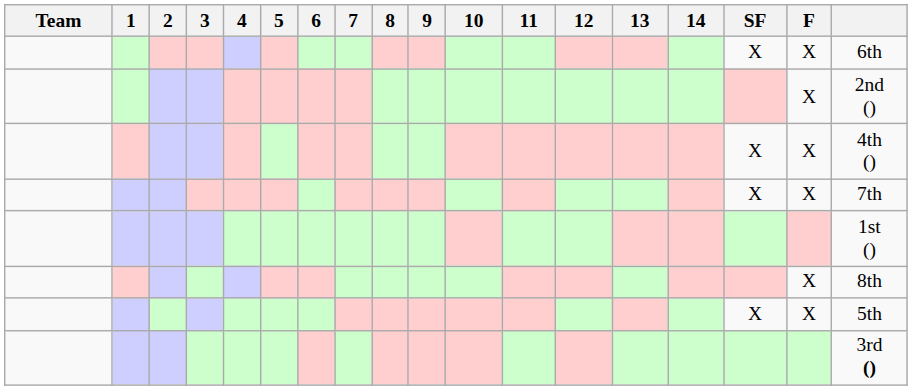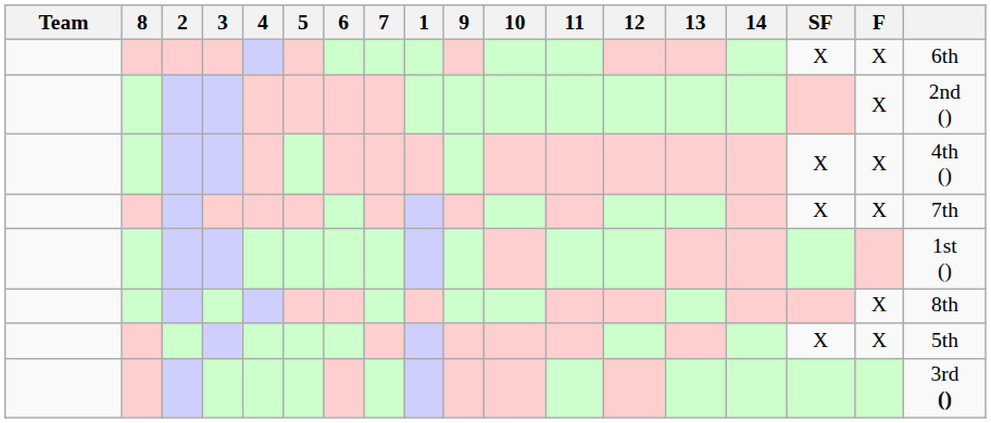 <table class= "wikitable" style="font-size:85%; text-align:center; width:50%">
 <tr>
 <th>Team</th>
-<th>1</th>
+<th>8</th>
 <th>2</th>
 <th>3</th>
 <th>4</th>
 <th>5</th>
 <th>6</th>
 <th>7</th>
-<th>8</th>
+<th>1</th>
 <th>9</th>
 <th>10</th>
 <th>11</th>
 <th>12</th>
 <th>13</th>
 <th>14</th>
 <th>SF</th>
 <th>F</th>
 <th></th>
 </tr>
 <tr>
 <td align="left"></td>
-<td style="background:#cfc;"><strong></strong></td>
+<td style="background:#FFCFCF;"></td>
 <td style="background:#FFCFCF;"></td>
 <td style="background:#FFCFCF;"></td>
 <td style="background:#CFCFFF;"><em></em></td>
 <td style="background:#FFCFCF;"></td>
 <td style="background:#cfc;"><strong></strong></td>
 <td style="background:#cfc;"><strong></strong></td>
-<td style="background:#FFCFCF;"></td>
+<td style="background:#cfc;"><strong></strong></td>
 <td style="background:#FFCFCF;"></td>
 <td style="background:#cfc;"><strong></strong></td>
 <td style="background:#cfc;"><strong></strong></td>
 <td style="background:#FFCFCF;"></td>
 <td style="background:#FFCFCF;"></td>
 <td style="background:#cfc;"><strong></strong></td>
 <td>X</td>
 <td>X</td>
 <td>6th</td>
 </tr>
 <tr>
 <td align="left"></td>
 <td style="background:#cfc;"><strong></strong></td>
 <td style="background:#CFCFFF;"><em></em></td>
 <td style="background:#CFCFFF;"><em></em></td>
 <td style="background:#FFCFCF;"></td>
 <td style="background:#FFCFCF;"></td>
 <td style="background:#FFCFCF;"></td>
 <td style="background:#FFCFCF;"></td>
 <td style="background:#cfc;"><strong></strong></td>
 <td style="background:#cfc;"><strong></strong></td>
 <td style="background:#cfc;"><strong></strong></td>
 <td style="background:#cfc;"><strong></strong></td>
 <td style="background:#cfc;"><strong></strong></td>
 <td style="background:#cfc;"><strong></strong></td>
 <td style="background:#cfc;"><strong></strong></td>
 <td style="background:#FFCFCF;"></td>
 <td>X</td>
 <td>2nd<br>()</td>
 </tr>
 <tr>
 <td align="left"></td>
-<td style="background:#FFCFCF;"></td>
+<td style="background:#cfc;"><strong></strong></td>
 <td style="background:#CFCFFF;"><em></em></td>
 <td style="background:#CFCFFF;"><em></em></td>
 <td style="background:#FFCFCF;"></td>
 <td style="background:#cfc;"><strong></strong></td>
 <td style="background:#FFCFCF;"></td>
 <td style="background:#FFCFCF;"></td>
-<td style="background:#cfc;"><strong></strong></td>
+<td style="background:#FFCFCF;"></td>
 <td style="background:#cfc;"><strong></strong></td>
 <td style="background:#FFCFCF;"></td>
 <td style="background:#FFCFCF;"></td>
 <td style="background:#FFCFCF;"></td>
 <td style="background:#FFCFCF;"></td>
 <td style="background:#FFCFCF;"></td>
 <td>X</td>
 <td>X</td>
 <td>4th<br>()</td>
 </tr>
 <tr>
 <td align="left"></td>
-<td style="background:#CFCFFF;"><em></em></td>
+<td style="background:#FFCFCF;"></td>
 <td style="background:#CFCFFF;"><em></em></td>
 <td style="background:#FFCFCF;"></td>
 <td style="background:#FFCFCF;"></td>
 <td style="background:#FFCFCF;"></td>
 <td style="background:#cfc;"><strong></strong></td>
 <td style="background:#FFCFCF;"></td>
-<td style="background:#FFCFCF;"></td>
+<td style="background:#CFCFFF;"><em></em></td>
 <td style="background:#FFCFCF;"></td>
 <td style="background:#cfc;"><strong></strong></td>
 <td style="background:#FFCFCF;"></td>
 <td style="background:#cfc;"><strong></strong></td>
 <td style="background:#cfc;"><strong></strong></td>
 <td style="background:#FFCFCF;"></td>
 <td>X</td>
 <td>X</td>
 <td>7th</td>
 </tr>
 <tr>
 <td align="left"></td>
-<td style="background:#CFCFFF;"><em></em></td>
+<td style="background:#cfc;"><strong></strong></td>
 <td style="background:#CFCFFF;"><em></em></td>
 <td style="background:#CFCFFF;"><em></em></td>
 <td style="background:#cfc;"><strong></strong></td>
 <td style="background:#cfc;"><strong></strong></td>
 <td style="background:#cfc;"><strong></strong></td>
 <td style="background:#cfc;"><strong></strong></td>
-<td style="background:#cfc;"><strong></strong></td>
+<td style="background:#CFCFFF;"><em></em></td>
 <td style="background:#cfc;"><strong></strong></td>
 <td style="background:#FFCFCF;"></td>
 <td style="background:#cfc;"><strong></strong></td>
 <td style="background:#cfc;"><strong></strong></td>
 <td style="background:#FFCFCF;"></td>
 <td style="background:#FFCFCF;"></td>
 <td style="background:#cfc;"><strong></strong></td>
 <td style="background:#FFCFCF;"></td>
 <td>1st<br>()</td>
 </tr>
 <tr>
 <td align="left"></td>
-<td style="background:#FFCFCF;"></td>
+<td style="background:#cfc;"><strong></strong></td>
 <td style="background:#CFCFFF;"><em></em></td>
 <td style="background:#cfc;"><strong></strong></td>
 <td style="background:#CFCFFF;"><em></em></td>
 <td style="background:#FFCFCF;"></td>
 <td style="background:#FFCFCF;"></td>
 <td style="background:#cfc;"><strong></strong></td>
-<td style="background:#cfc;"><strong></strong></td>
+<td style="background:#FFCFCF;"></td>
 <td style="background:#cfc;"><strong></strong></td>
 <td style="background:#cfc;"><strong></strong></td>
 <td style="background:#FFCFCF;"></td>
 <td style="background:#FFCFCF;"></td>
 <td style="background:#cfc;"><strong></strong></td>
 <td style="background:#FFCFCF;"></td>
 <td style="background:#FFCFCF;"></td>
 <td>X</td>
 <td>8th</td>
 </tr>
 <tr>
 <td align="left"></td>
-<td style="background:#CFCFFF;"><em></em></td>
+<td style="background:#FFCFCF;"></td>
 <td style="background:#cfc;"><strong></strong></td>
 <td style="background:#CFCFFF;"><em></em></td>
 <td style="background:#cfc;"><strong></strong></td>
 <td style="background:#cfc;"><strong></strong></td>
 <td style="background:#cfc;"><strong></strong></td>
 <td style="background:#FFCFCF;"></td>
-<td style="background:#FFCFCF;"></td>
+<td style="background:#CFCFFF;"><em></em></td>
 <td style="background:#FFCFCF;"></td>
 <td style="background:#FFCFCF;"></td>
 <td style="background:#FFCFCF;"></td>
 <td style="background:#cfc;"><strong></strong></td>
 <td style="background:#FFCFCF;"></td>
 <td style="background:#cfc;"><strong></strong></td>
 <td>X</td>
 <td>X</td>
 <td>5th</td>
 </tr>
 <tr>
 <td align="left"></td>
-<td style="background:#CFCFFF;"><em></em></td>
+<td style="background:#FFCFCF;"></td>
 <td style="background:#CFCFFF;"><em></em></td>
 <td style="background:#cfc;"><strong></strong></td>
 <td style="background:#cfc;"><strong></strong></td>
 <td style="background:#cfc;"><strong></strong></td>
 <td style="background:#FFCFCF;"></td>
 <td style="background:#cfc;"><strong></strong></td>
-<td style="background:#FFCFCF;"></td>
+<td style="background:#CFCFFF;"><em></em></td>
 <td style="background:#FFCFCF;"></td>
 <td style="background:#FFCFCF;"></td>
 <td style="background:#cfc;"><strong></strong></td>
 <td style="background:#FFCFCF;"></td>
 <td style="background:#cfc;"><strong></strong></td>
 <td style="background:#cfc;"><strong></strong></td>
 <td style="background:#cfc;"><strong></strong></td>
 <td style="background:#cfc;"><strong></strong></td>
 <td>3rd<br><strong>()</strong></td>
 </tr>
 </table>
